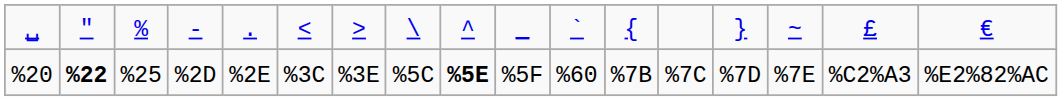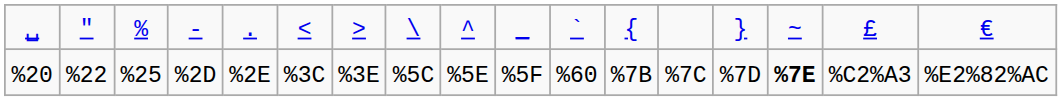 <table class="wikitable">
 <tr align="center">
 <td><code><a href='#'>␣</a></code></td>
 <td><code><a href='#'>"</a></code></td>
 <td><code><a href='#'>%</a></code></td>
 <td><code><a href='#'>-</a></code></td>
 <td><code><a href='#'>.</a></code></td>
 <td><code><a href='#'><</a></code></td>
 <td><code><a href='#'>></a></code></td>
 <td><code><a href='#'>\</a></code></td>
 <td><code><a href='#'>^</a></code></td>
 <td><code><a href='#'>_</a></code></td>
 <td><code><a href='#'>`</a></code></td>
 <td><code><a href='#'>{</a></code></td>
 <td><code><a href='#'></a></code></td>
 <td><code><a href='#'>}</a></code></td>
 <td><code><a href='#'>~</a></code></td>
 <td><code><a href='#'>£</a></code></td>
 <td><code><a href='#'>€</a></code></td>
 </tr>
 <tr align="center" valign="top">
 <td><code>%20</code></td>
-<td><strong><code>%22</code></strong></td>
+<td><code>%22</code></td>
 <td><code>%25</code></td>
 <td><code>%2D</code></td>
 <td><code>%2E</code></td>
 <td><code>%3C</code></td>
 <td><code>%3E</code></td>
 <td><code>%5C</code></td>
-<td><strong><code>%5E</code></strong></td>
+<td><code>%5E</code></td>
 <td><code>%5F</code></td>
 <td><code>%60</code></td>
 <td><code>%7B</code></td>
 <td><code>%7C</code></td>
 <td><code>%7D</code></td>
-<td><code>%7E</code></td>
+<td><strong><code>%7E</code></strong></td>
 <td><code>%C2%A3</code></td>
 <td><code>%E2%82%AC</code></td>
 </tr>
 </table>
